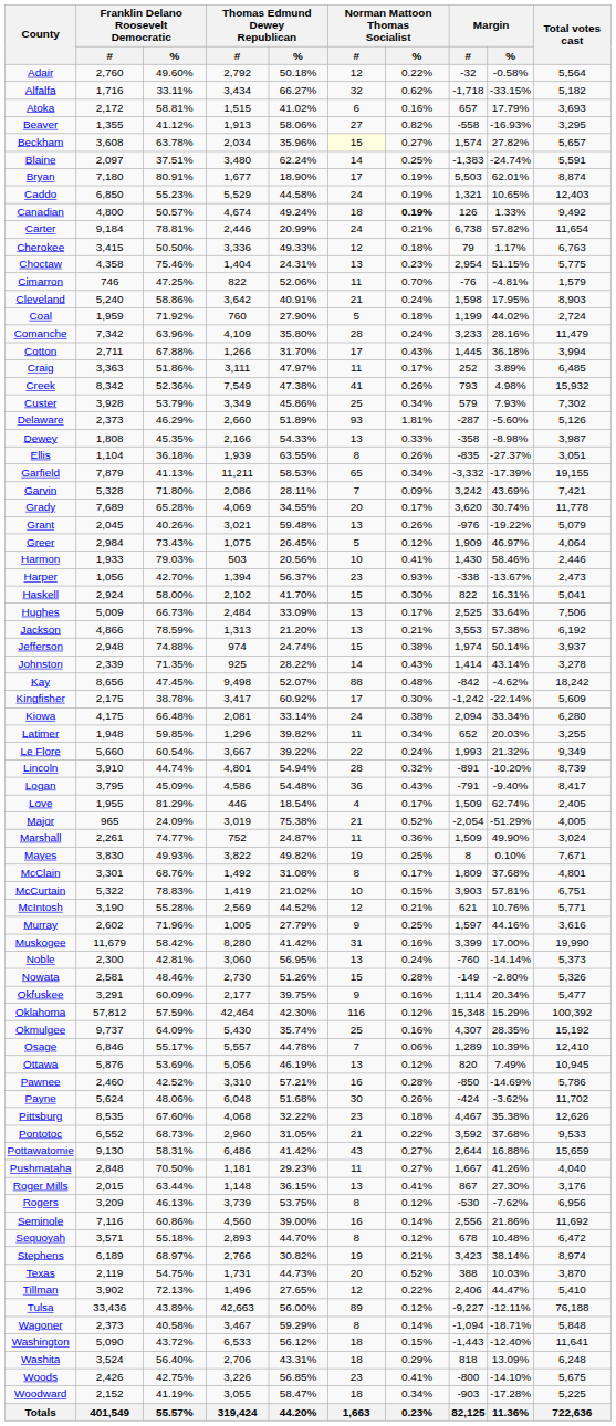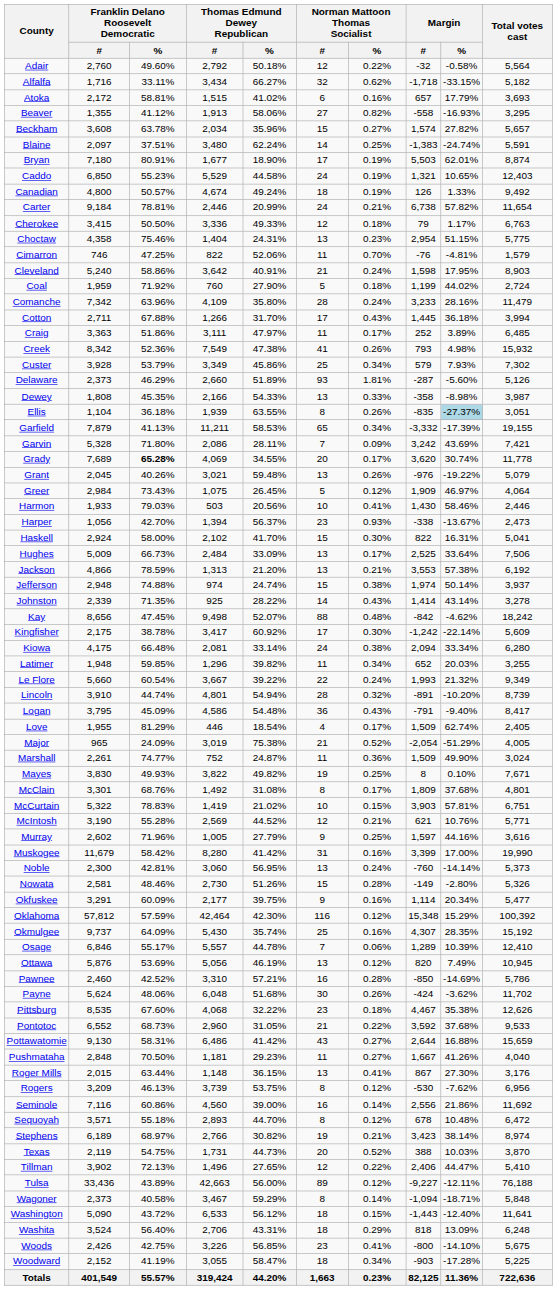 <table width="70%" class="wikitable sortable">
 <tr>
 <th rowspan="2">County</th>
 <th colspan="2">Franklin Delano Roosevelt<br>Democratic</th>
 <th colspan="2">Thomas Edmund Dewey<br>Republican</th>
 <th colspan="2">Norman Mattoon Thomas<br>Socialist</th>
 <th colspan="2">Margin</th>
 <th rowspan="2">Total votes cast</th>
 </tr>
 <tr bgcolor="lightgrey">
 <th>#</th>
 <th>%</th>
 <th>#</th>
 <th>%</th>
 <th>#</th>
 <th>%</th>
 <th>#</th>
 <th>%</th>
 </tr>
 <tr style="text-align:center;">
 <td><a href='#'>Adair</a></td>
 <td>2,760</td>
 <td>49.60%</td>
 <td>2,792</td>
 <td>50.18%</td>
 <td>12</td>
 <td>0.22%</td>
 <td>-32</td>
 <td>-0.58%</td>
 <td>5,564</td>
 </tr>
 <tr style="text-align:center;">
 <td><a href='#'>Alfalfa</a></td>
 <td>1,716</td>
 <td>33.11%</td>
 <td>3,434</td>
 <td>66.27%</td>
 <td>32</td>
 <td>0.62%</td>
 <td>-1,718</td>
 <td>-33.15%</td>
 <td>5,182</td>
 </tr>
 <tr style="text-align:center;">
 <td><a href='#'>Atoka</a></td>
 <td>2,172</td>
 <td>58.81%</td>
 <td>1,515</td>
 <td>41.02%</td>
 <td>6</td>
 <td>0.16%</td>
 <td>657</td>
 <td>17.79%</td>
 <td>3,693</td>
 </tr>
 <tr style="text-align:center;">
 <td><a href='#'>Beaver</a></td>
 <td>1,355</td>
 <td>41.12%</td>
 <td>1,913</td>
 <td>58.06%</td>
 <td>27</td>
 <td>0.82%</td>
 <td>-558</td>
 <td>-16.93%</td>
 <td>3,295</td>
 </tr>
 <tr style="text-align:center;">
 <td><a href='#'>Beckham</a></td>
 <td>3,608</td>
 <td>63.78%</td>
 <td>2,034</td>
 <td>35.96%</td>
-<td style="background: lightyellow;">15</td>
+<td>15</td>
 <td>0.27%</td>
 <td>1,574</td>
 <td>27.82%</td>
 <td>5,657</td>
 </tr>
 <tr style="text-align:center;">
 <td><a href='#'>Blaine</a></td>
 <td>2,097</td>
 <td>37.51%</td>
 <td>3,480</td>
 <td>62.24%</td>
 <td>14</td>
 <td>0.25%</td>
 <td>-1,383</td>
 <td>-24.74%</td>
 <td>5,591</td>
 </tr>
 <tr style="text-align:center;">
 <td><a href='#'>Bryan</a></td>
 <td>7,180</td>
 <td>80.91%</td>
 <td>1,677</td>
 <td>18.90%</td>
 <td>17</td>
 <td>0.19%</td>
 <td>5,503</td>
 <td>62.01%</td>
 <td>8,874</td>
 </tr>
 <tr style="text-align:center;">
 <td><a href='#'>Caddo</a></td>
 <td>6,850</td>
 <td>55.23%</td>
 <td>5,529</td>
 <td>44.58%</td>
 <td>24</td>
 <td>0.19%</td>
 <td>1,321</td>
 <td>10.65%</td>
 <td>12,403</td>
 </tr>
 <tr style="text-align:center;">
 <td><a href='#'>Canadian</a></td>
 <td>4,800</td>
 <td>50.57%</td>
 <td>4,674</td>
 <td>49.24%</td>
 <td>18</td>
-<td><strong>0.19%</strong></td>
+<td>0.19%</td>
 <td>126</td>
 <td>1.33%</td>
 <td>9,492</td>
 </tr>
 <tr style="text-align:center;">
 <td><a href='#'>Carter</a></td>
 <td>9,184</td>
 <td>78.81%</td>
 <td>2,446</td>
 <td>20.99%</td>
 <td>24</td>
 <td>0.21%</td>
 <td>6,738</td>
 <td>57.82%</td>
 <td>11,654</td>
 </tr>
 <tr style="text-align:center;">
 <td><a href='#'>Cherokee</a></td>
 <td>3,415</td>
 <td>50.50%</td>
 <td>3,336</td>
 <td>49.33%</td>
 <td>12</td>
 <td>0.18%</td>
 <td>79</td>
 <td>1.17%</td>
 <td>6,763</td>
 </tr>
 <tr style="text-align:center;">
 <td><a href='#'>Choctaw</a></td>
 <td>4,358</td>
 <td>75.46%</td>
 <td>1,404</td>
 <td>24.31%</td>
 <td>13</td>
 <td>0.23%</td>
 <td>2,954</td>
 <td>51.15%</td>
 <td>5,775</td>
 </tr>
 <tr style="text-align:center;">
 <td><a href='#'>Cimarron</a></td>
 <td>746</td>
 <td>47.25%</td>
 <td>822</td>
 <td>52.06%</td>
 <td>11</td>
 <td>0.70%</td>
 <td>-76</td>
 <td>-4.81%</td>
 <td>1,579</td>
 </tr>
 <tr style="text-align:center;">
 <td><a href='#'>Cleveland</a></td>
 <td>5,240</td>
 <td>58.86%</td>
 <td>3,642</td>
 <td>40.91%</td>
 <td>21</td>
 <td>0.24%</td>
 <td>1,598</td>
 <td>17.95%</td>
 <td>8,903</td>
 </tr>
 <tr style="text-align:center;">
 <td><a href='#'>Coal</a></td>
 <td>1,959</td>
 <td>71.92%</td>
 <td>760</td>
 <td>27.90%</td>
 <td>5</td>
 <td>0.18%</td>
 <td>1,199</td>
 <td>44.02%</td>
 <td>2,724</td>
 </tr>
 <tr style="text-align:center;">
 <td><a href='#'>Comanche</a></td>
 <td>7,342</td>
 <td>63.96%</td>
 <td>4,109</td>
 <td>35.80%</td>
 <td>28</td>
 <td>0.24%</td>
 <td>3,233</td>
 <td>28.16%</td>
 <td>11,479</td>
 </tr>
 <tr style="text-align:center;">
 <td><a href='#'>Cotton</a></td>
 <td>2,711</td>
 <td>67.88%</td>
 <td>1,266</td>
 <td>31.70%</td>
 <td>17</td>
 <td>0.43%</td>
 <td>1,445</td>
 <td>36.18%</td>
 <td>3,994</td>
 </tr>
 <tr style="text-align:center;">
 <td><a href='#'>Craig</a></td>
 <td>3,363</td>
 <td>51.86%</td>
 <td>3,111</td>
 <td>47.97%</td>
 <td>11</td>
 <td>0.17%</td>
 <td>252</td>
 <td>3.89%</td>
 <td>6,485</td>
 </tr>
 <tr style="text-align:center;">
 <td><a href='#'>Creek</a></td>
 <td>8,342</td>
 <td>52.36%</td>
 <td>7,549</td>
 <td>47.38%</td>
 <td>41</td>
 <td>0.26%</td>
 <td>793</td>
 <td>4.98%</td>
 <td>15,932</td>
 </tr>
 <tr style="text-align:center;">
 <td><a href='#'>Custer</a></td>
 <td>3,928</td>
 <td>53.79%</td>
 <td>3,349</td>
 <td>45.86%</td>
 <td>25</td>
 <td>0.34%</td>
 <td>579</td>
 <td>7.93%</td>
 <td>7,302</td>
 </tr>
 <tr style="text-align:center;">
 <td><a href='#'>Delaware</a></td>
 <td>2,373</td>
 <td>46.29%</td>
 <td>2,660</td>
 <td>51.89%</td>
 <td>93</td>
 <td>1.81%</td>
 <td>-287</td>
 <td>-5.60%</td>
 <td>5,126</td>
 </tr>
 <tr style="text-align:center;">
 <td><a href='#'>Dewey</a></td>
 <td>1,808</td>
 <td>45.35%</td>
 <td>2,166</td>
 <td>54.33%</td>
 <td>13</td>
 <td>0.33%</td>
 <td>-358</td>
 <td>-8.98%</td>
 <td>3,987</td>
 </tr>
 <tr style="text-align:center;">
 <td><a href='#'>Ellis</a></td>
 <td>1,104</td>
 <td>36.18%</td>
 <td>1,939</td>
 <td>63.55%</td>
 <td>8</td>
 <td>0.26%</td>
 <td>-835</td>
-<td>-27.37%</td>
+<td style="background: lightblue;">-27.37%</td>
 <td>3,051</td>
 </tr>
 <tr style="text-align:center;">
 <td><a href='#'>Garfield</a></td>
 <td>7,879</td>
 <td>41.13%</td>
 <td>11,211</td>
 <td>58.53%</td>
 <td>65</td>
 <td>0.34%</td>
 <td>-3,332</td>
 <td>-17.39%</td>
 <td>19,155</td>
 </tr>
 <tr style="text-align:center;">
 <td><a href='#'>Garvin</a></td>
 <td>5,328</td>
 <td>71.80%</td>
 <td>2,086</td>
 <td>28.11%</td>
 <td>7</td>
 <td>0.09%</td>
 <td>3,242</td>
 <td>43.69%</td>
 <td>7,421</td>
 </tr>
 <tr style="text-align:center;">
 <td><a href='#'>Grady</a></td>
 <td>7,689</td>
-<td>65.28%</td>
+<td><strong>65.28%</strong></td>
 <td>4,069</td>
 <td>34.55%</td>
 <td>20</td>
 <td>0.17%</td>
 <td>3,620</td>
 <td>30.74%</td>
 <td>11,778</td>
 </tr>
 <tr style="text-align:center;">
 <td><a href='#'>Grant</a></td>
 <td>2,045</td>
 <td>40.26%</td>
 <td>3,021</td>
 <td>59.48%</td>
 <td>13</td>
 <td>0.26%</td>
 <td>-976</td>
 <td>-19.22%</td>
 <td>5,079</td>
 </tr>
 <tr style="text-align:center;">
 <td><a href='#'>Greer</a></td>
 <td>2,984</td>
 <td>73.43%</td>
 <td>1,075</td>
 <td>26.45%</td>
 <td>5</td>
 <td>0.12%</td>
 <td>1,909</td>
 <td>46.97%</td>
 <td>4,064</td>
 </tr>
 <tr style="text-align:center;">
 <td><a href='#'>Harmon</a></td>
 <td>1,933</td>
 <td>79.03%</td>
 <td>503</td>
 <td>20.56%</td>
 <td>10</td>
 <td>0.41%</td>
 <td>1,430</td>
 <td>58.46%</td>
 <td>2,446</td>
 </tr>
 <tr style="text-align:center;">
 <td><a href='#'>Harper</a></td>
 <td>1,056</td>
 <td>42.70%</td>
 <td>1,394</td>
 <td>56.37%</td>
 <td>23</td>
 <td>0.93%</td>
 <td>-338</td>
 <td>-13.67%</td>
 <td>2,473</td>
 </tr>
 <tr style="text-align:center;">
 <td><a href='#'>Haskell</a></td>
 <td>2,924</td>
 <td>58.00%</td>
 <td>2,102</td>
 <td>41.70%</td>
 <td>15</td>
 <td>0.30%</td>
 <td>822</td>
 <td>16.31%</td>
 <td>5,041</td>
 </tr>
 <tr style="text-align:center;">
 <td><a href='#'>Hughes</a></td>
 <td>5,009</td>
 <td>66.73%</td>
 <td>2,484</td>
 <td>33.09%</td>
 <td>13</td>
 <td>0.17%</td>
 <td>2,525</td>
 <td>33.64%</td>
 <td>7,506</td>
 </tr>
 <tr style="text-align:center;">
 <td><a href='#'>Jackson</a></td>
 <td>4,866</td>
 <td>78.59%</td>
 <td>1,313</td>
 <td>21.20%</td>
 <td>13</td>
 <td>0.21%</td>
 <td>3,553</td>
 <td>57.38%</td>
 <td>6,192</td>
 </tr>
 <tr style="text-align:center;">
 <td><a href='#'>Jefferson</a></td>
 <td>2,948</td>
 <td>74.88%</td>
 <td>974</td>
 <td>24.74%</td>
 <td>15</td>
 <td>0.38%</td>
 <td>1,974</td>
 <td>50.14%</td>
 <td>3,937</td>
 </tr>
 <tr style="text-align:center;">
 <td><a href='#'>Johnston</a></td>
 <td>2,339</td>
 <td>71.35%</td>
 <td>925</td>
 <td>28.22%</td>
 <td>14</td>
 <td>0.43%</td>
 <td>1,414</td>
 <td>43.14%</td>
 <td>3,278</td>
 </tr>
 <tr style="text-align:center;">
 <td><a href='#'>Kay</a></td>
 <td>8,656</td>
 <td>47.45%</td>
 <td>9,498</td>
 <td>52.07%</td>
 <td>88</td>
 <td>0.48%</td>
 <td>-842</td>
 <td>-4.62%</td>
 <td>18,242</td>
 </tr>
 <tr style="text-align:center;">
 <td><a href='#'>Kingfisher</a></td>
 <td>2,175</td>
 <td>38.78%</td>
 <td>3,417</td>
 <td>60.92%</td>
 <td>17</td>
 <td>0.30%</td>
 <td>-1,242</td>
 <td>-22.14%</td>
 <td>5,609</td>
 </tr>
 <tr style="text-align:center;">
 <td><a href='#'>Kiowa</a></td>
 <td>4,175</td>
 <td>66.48%</td>
 <td>2,081</td>
 <td>33.14%</td>
 <td>24</td>
 <td>0.38%</td>
 <td>2,094</td>
 <td>33.34%</td>
 <td>6,280</td>
 </tr>
 <tr style="text-align:center;">
 <td><a href='#'>Latimer</a></td>
 <td>1,948</td>
 <td>59.85%</td>
 <td>1,296</td>
 <td>39.82%</td>
 <td>11</td>
 <td>0.34%</td>
 <td>652</td>
 <td>20.03%</td>
 <td>3,255</td>
 </tr>
 <tr style="text-align:center;">
 <td><a href='#'>Le Flore</a></td>
 <td>5,660</td>
 <td>60.54%</td>
 <td>3,667</td>
 <td>39.22%</td>
 <td>22</td>
 <td>0.24%</td>
 <td>1,993</td>
 <td>21.32%</td>
 <td>9,349</td>
 </tr>
 <tr style="text-align:center;">
 <td><a href='#'>Lincoln</a></td>
 <td>3,910</td>
 <td>44.74%</td>
 <td>4,801</td>
 <td>54.94%</td>
 <td>28</td>
 <td>0.32%</td>
 <td>-891</td>
 <td>-10.20%</td>
 <td>8,739</td>
 </tr>
 <tr style="text-align:center;">
 <td><a href='#'>Logan</a></td>
 <td>3,795</td>
 <td>45.09%</td>
 <td>4,586</td>
 <td>54.48%</td>
 <td>36</td>
 <td>0.43%</td>
 <td>-791</td>
 <td>-9.40%</td>
 <td>8,417</td>
 </tr>
 <tr style="text-align:center;">
 <td><a href='#'>Love</a></td>
 <td>1,955</td>
 <td>81.29%</td>
 <td>446</td>
 <td>18.54%</td>
 <td>4</td>
 <td>0.17%</td>
 <td>1,509</td>
 <td>62.74%</td>
 <td>2,405</td>
 </tr>
 <tr style="text-align:center;">
 <td><a href='#'>Major</a></td>
 <td>965</td>
 <td>24.09%</td>
 <td>3,019</td>
 <td>75.38%</td>
 <td>21</td>
 <td>0.52%</td>
 <td>-2,054</td>
 <td>-51.29%</td>
 <td>4,005</td>
 </tr>
 <tr style="text-align:center;">
 <td><a href='#'>Marshall</a></td>
 <td>2,261</td>
 <td>74.77%</td>
 <td>752</td>
 <td>24.87%</td>
 <td>11</td>
 <td>0.36%</td>
 <td>1,509</td>
 <td>49.90%</td>
 <td>3,024</td>
 </tr>
 <tr style="text-align:center;">
 <td><a href='#'>Mayes</a></td>
 <td>3,830</td>
 <td>49.93%</td>
 <td>3,822</td>
 <td>49.82%</td>
 <td>19</td>
 <td>0.25%</td>
 <td>8</td>
 <td>0.10%</td>
 <td>7,671</td>
 </tr>
 <tr style="text-align:center;">
 <td><a href='#'>McClain</a></td>
 <td>3,301</td>
 <td>68.76%</td>
 <td>1,492</td>
 <td>31.08%</td>
 <td>8</td>
 <td>0.17%</td>
 <td>1,809</td>
 <td>37.68%</td>
 <td>4,801</td>
 </tr>
 <tr style="text-align:center;">
 <td><a href='#'>McCurtain</a></td>
 <td>5,322</td>
 <td>78.83%</td>
 <td>1,419</td>
 <td>21.02%</td>
 <td>10</td>
 <td>0.15%</td>
 <td>3,903</td>
 <td>57.81%</td>
 <td>6,751</td>
 </tr>
 <tr style="text-align:center;">
 <td><a href='#'>McIntosh</a></td>
 <td>3,190</td>
 <td>55.28%</td>
 <td>2,569</td>
 <td>44.52%</td>
 <td>12</td>
 <td>0.21%</td>
 <td>621</td>
 <td>10.76%</td>
 <td>5,771</td>
 </tr>
 <tr style="text-align:center;">
 <td><a href='#'>Murray</a></td>
 <td>2,602</td>
 <td>71.96%</td>
 <td>1,005</td>
 <td>27.79%</td>
 <td>9</td>
 <td>0.25%</td>
 <td>1,597</td>
 <td>44.16%</td>
 <td>3,616</td>
 </tr>
 <tr style="text-align:center;">
 <td><a href='#'>Muskogee</a></td>
 <td>11,679</td>
 <td>58.42%</td>
 <td>8,280</td>
 <td>41.42%</td>
 <td>31</td>
 <td>0.16%</td>
 <td>3,399</td>
 <td>17.00%</td>
 <td>19,990</td>
 </tr>
 <tr style="text-align:center;">
 <td><a href='#'>Noble</a></td>
 <td>2,300</td>
 <td>42.81%</td>
 <td>3,060</td>
 <td>56.95%</td>
 <td>13</td>
 <td>0.24%</td>
 <td>-760</td>
 <td>-14.14%</td>
 <td>5,373</td>
 </tr>
 <tr style="text-align:center;">
 <td><a href='#'>Nowata</a></td>
 <td>2,581</td>
 <td>48.46%</td>
 <td>2,730</td>
 <td>51.26%</td>
 <td>15</td>
 <td>0.28%</td>
 <td>-149</td>
 <td>-2.80%</td>
 <td>5,326</td>
 </tr>
 <tr style="text-align:center;">
 <td><a href='#'>Okfuskee</a></td>
 <td>3,291</td>
 <td>60.09%</td>
 <td>2,177</td>
 <td>39.75%</td>
 <td>9</td>
 <td>0.16%</td>
 <td>1,114</td>
 <td>20.34%</td>
 <td>5,477</td>
 </tr>
 <tr style="text-align:center;">
 <td><a href='#'>Oklahoma</a></td>
 <td>57,812</td>
 <td>57.59%</td>
 <td>42,464</td>
 <td>42.30%</td>
 <td>116</td>
 <td>0.12%</td>
 <td>15,348</td>
 <td>15.29%</td>
 <td>100,392</td>
 </tr>
 <tr style="text-align:center;">
 <td><a href='#'>Okmulgee</a></td>
 <td>9,737</td>
 <td>64.09%</td>
 <td>5,430</td>
 <td>35.74%</td>
 <td>25</td>
 <td>0.16%</td>
 <td>4,307</td>
 <td>28.35%</td>
 <td>15,192</td>
 </tr>
 <tr style="text-align:center;">
 <td><a href='#'>Osage</a></td>
 <td>6,846</td>
 <td>55.17%</td>
 <td>5,557</td>
 <td>44.78%</td>
 <td>7</td>
 <td>0.06%</td>
 <td>1,289</td>
 <td>10.39%</td>
 <td>12,410</td>
 </tr>
 <tr style="text-align:center;">
 <td><a href='#'>Ottawa</a></td>
 <td>5,876</td>
 <td>53.69%</td>
 <td>5,056</td>
 <td>46.19%</td>
 <td>13</td>
 <td>0.12%</td>
 <td>820</td>
 <td>7.49%</td>
 <td>10,945</td>
 </tr>
 <tr style="text-align:center;">
 <td><a href='#'>Pawnee</a></td>
 <td>2,460</td>
 <td>42.52%</td>
 <td>3,310</td>
 <td>57.21%</td>
 <td>16</td>
 <td>0.28%</td>
 <td>-850</td>
 <td>-14.69%</td>
 <td>5,786</td>
 </tr>
 <tr style="text-align:center;">
 <td><a href='#'>Payne</a></td>
 <td>5,624</td>
 <td>48.06%</td>
 <td>6,048</td>
 <td>51.68%</td>
 <td>30</td>
 <td>0.26%</td>
 <td>-424</td>
 <td>-3.62%</td>
 <td>11,702</td>
 </tr>
 <tr style="text-align:center;">
 <td><a href='#'>Pittsburg</a></td>
 <td>8,535</td>
 <td>67.60%</td>
 <td>4,068</td>
 <td>32.22%</td>
 <td>23</td>
 <td>0.18%</td>
 <td>4,467</td>
 <td>35.38%</td>
 <td>12,626</td>
 </tr>
 <tr style="text-align:center;">
 <td><a href='#'>Pontotoc</a></td>
 <td>6,552</td>
 <td>68.73%</td>
 <td>2,960</td>
 <td>31.05%</td>
 <td>21</td>
 <td>0.22%</td>
 <td>3,592</td>
 <td>37.68%</td>
 <td>9,533</td>
 </tr>
 <tr style="text-align:center;">
 <td><a href='#'>Pottawatomie</a></td>
 <td>9,130</td>
 <td>58.31%</td>
 <td>6,486</td>
 <td>41.42%</td>
 <td>43</td>
 <td>0.27%</td>
 <td>2,644</td>
 <td>16.88%</td>
 <td>15,659</td>
 </tr>
 <tr style="text-align:center;">
 <td><a href='#'>Pushmataha</a></td>
 <td>2,848</td>
 <td>70.50%</td>
 <td>1,181</td>
 <td>29.23%</td>
 <td>11</td>
 <td>0.27%</td>
 <td>1,667</td>
 <td>41.26%</td>
 <td>4,040</td>
 </tr>
 <tr style="text-align:center;">
 <td><a href='#'>Roger Mills</a></td>
 <td>2,015</td>
 <td>63.44%</td>
 <td>1,148</td>
 <td>36.15%</td>
 <td>13</td>
 <td>0.41%</td>
 <td>867</td>
 <td>27.30%</td>
 <td>3,176</td>
 </tr>
 <tr style="text-align:center;">
 <td><a href='#'>Rogers</a></td>
 <td>3,209</td>
 <td>46.13%</td>
 <td>3,739</td>
 <td>53.75%</td>
 <td>8</td>
 <td>0.12%</td>
 <td>-530</td>
 <td>-7.62%</td>
 <td>6,956</td>
 </tr>
 <tr style="text-align:center;">
 <td><a href='#'>Seminole</a></td>
 <td>7,116</td>
 <td>60.86%</td>
 <td>4,560</td>
 <td>39.00%</td>
 <td>16</td>
 <td>0.14%</td>
 <td>2,556</td>
 <td>21.86%</td>
 <td>11,692</td>
 </tr>
 <tr style="text-align:center;">
 <td><a href='#'>Sequoyah</a></td>
 <td>3,571</td>
 <td>55.18%</td>
 <td>2,893</td>
 <td>44.70%</td>
 <td>8</td>
 <td>0.12%</td>
 <td>678</td>
 <td>10.48%</td>
 <td>6,472</td>
 </tr>
 <tr style="text-align:center;">
 <td><a href='#'>Stephens</a></td>
 <td>6,189</td>
 <td>68.97%</td>
 <td>2,766</td>
 <td>30.82%</td>
 <td>19</td>
 <td>0.21%</td>
 <td>3,423</td>
 <td>38.14%</td>
 <td>8,974</td>
 </tr>
 <tr style="text-align:center;">
 <td><a href='#'>Texas</a></td>
 <td>2,119</td>
 <td>54.75%</td>
 <td>1,731</td>
 <td>44.73%</td>
 <td>20</td>
 <td>0.52%</td>
 <td>388</td>
 <td>10.03%</td>
 <td>3,870</td>
 </tr>
 <tr style="text-align:center;">
 <td><a href='#'>Tillman</a></td>
 <td>3,902</td>
 <td>72.13%</td>
 <td>1,496</td>
 <td>27.65%</td>
 <td>12</td>
 <td>0.22%</td>
 <td>2,406</td>
 <td>44.47%</td>
 <td>5,410</td>
 </tr>
 <tr style="text-align:center;">
 <td><a href='#'>Tulsa</a></td>
 <td>33,436</td>
 <td>43.89%</td>
 <td>42,663</td>
 <td>56.00%</td>
 <td>89</td>
 <td>0.12%</td>
 <td>-9,227</td>
 <td>-12.11%</td>
 <td>76,188</td>
 </tr>
 <tr style="text-align:center;">
 <td><a href='#'>Wagoner</a></td>
 <td>2,373</td>
 <td>40.58%</td>
 <td>3,467</td>
 <td>59.29%</td>
 <td>8</td>
 <td>0.14%</td>
 <td>-1,094</td>
 <td>-18.71%</td>
 <td>5,848</td>
 </tr>
 <tr style="text-align:center;">
 <td><a href='#'>Washington</a></td>
 <td>5,090</td>
 <td>43.72%</td>
 <td>6,533</td>
 <td>56.12%</td>
 <td>18</td>
 <td>0.15%</td>
 <td>-1,443</td>
 <td>-12.40%</td>
 <td>11,641</td>
 </tr>
 <tr style="text-align:center;">
 <td><a href='#'>Washita</a></td>
 <td>3,524</td>
 <td>56.40%</td>
 <td>2,706</td>
 <td>43.31%</td>
 <td>18</td>
 <td>0.29%</td>
 <td>818</td>
 <td>13.09%</td>
 <td>6,248</td>
 </tr>
 <tr style="text-align:center;">
 <td><a href='#'>Woods</a></td>
 <td>2,426</td>
 <td>42.75%</td>
 <td>3,226</td>
 <td>56.85%</td>
 <td>23</td>
 <td>0.41%</td>
 <td>-800</td>
 <td>-14.10%</td>
 <td>5,675</td>
 </tr>
 <tr style="text-align:center;">
 <td><a href='#'>Woodward</a></td>
 <td>2,152</td>
 <td>41.19%</td>
 <td>3,055</td>
 <td>58.47%</td>
 <td>18</td>
 <td>0.34%</td>
 <td>-903</td>
 <td>-17.28%</td>
 <td>5,225</td>
 </tr>
 <tr style="text-align:center;">
 <th>Totals</th>
 <th>401,549</th>
 <th>55.57%</th>
 <th>319,424</th>
 <th>44.20%</th>
 <th>1,663</th>
 <th>0.23%</th>
 <th>82,125</th>
 <th>11.36%</th>
 <th>722,636</th>
 </tr>
 </table>
